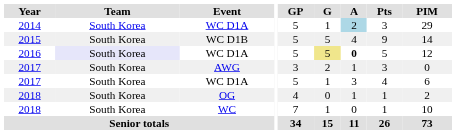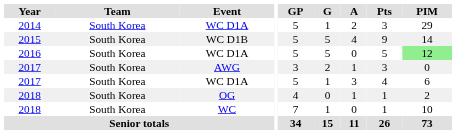 <table border="0" cellpadding="1" cellspacing="0" ID="Table3" style="text-align:center; width:40em">
 <tr ALIGN="center" bgcolor="#e0e0e0">
 <th>Year</th>
 <th>Team</th>
 <th>Event</th>
 <th rowspan="99" bgcolor="#ffffff"></th>
 <th>GP</th>
 <th>G</th>
 <th>A</th>
 <th>Pts</th>
 <th>PIM</th>
 </tr>
 <tr>
 <td><a href='#'>2014</a></td>
 <td><a href='#'>South Korea</a></td>
 <td><a href='#'>WC D1A</a></td>
 <td>5</td>
 <td>1</td>
-<td style="background: lightblue;">2</td>
+<td>2</td>
 <td>3</td>
 <td>29</td>
 </tr>
 <tr bgcolor="#f0f0f0">
 <td><a href='#'>2015</a></td>
 <td>South Korea</td>
 <td>WC D1B</td>
 <td>5</td>
 <td>5</td>
 <td>4</td>
 <td>9</td>
 <td>14</td>
 </tr>
 <tr>
 <td><a href='#'>2016</a></td>
-<td style="background: lavender;">South Korea</td>
+<td>South Korea</td>
 <td>WC D1A</td>
 <td>5</td>
-<td style="background: khaki;">5</td>
-<td><strong>0</strong></td>
 <td>5</td>
-<td>12</td>
+<td>0</td>
+<td>5</td>
+<td style="background: lightgreen;">12</td>
 </tr>
 <tr bgcolor="#f0f0f0">
 <td><a href='#'>2017</a></td>
 <td>South Korea</td>
 <td><a href='#'>AWG</a></td>
 <td>3</td>
 <td>2</td>
 <td>1</td>
 <td>3</td>
 <td>0</td>
 </tr>
 <tr>
 <td><a href='#'>2017</a></td>
 <td>South Korea</td>
 <td>WC D1A</td>
 <td>5</td>
 <td>1</td>
 <td>3</td>
 <td>4</td>
 <td>6</td>
 </tr>
 <tr bgcolor="#f0f0f0">
 <td><a href='#'>2018</a></td>
 <td>South Korea</td>
 <td><a href='#'>OG</a></td>
 <td>4</td>
 <td>0</td>
 <td>1</td>
 <td>1</td>
 <td>2</td>
 </tr>
 <tr>
 <td><a href='#'>2018</a></td>
 <td>South Korea</td>
 <td><a href='#'>WC</a></td>
 <td>7</td>
 <td>1</td>
 <td>0</td>
 <td>1</td>
 <td>10</td>
 </tr>
 <tr bgcolor="#e0e0e0">
 <th colspan="3">Senior totals</th>
 <th>34</th>
 <th>15</th>
 <th>11</th>
 <th>26</th>
 <th>73</th>
 </tr>
 </table>
